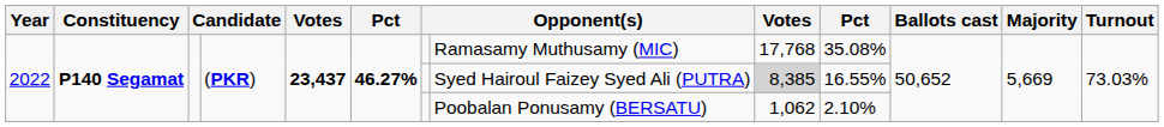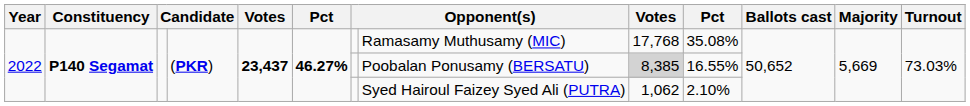 <table class="wikitable" style="margin:0.5em ; font-size:95%">
 <tr>
 <th>Year</th>
 <th>Constituency</th>
 <th colspan=2>Candidate</th>
 <th>Votes</th>
 <th>Pct</th>
 <th colspan=2>Opponent(s)</th>
 <th>Votes</th>
 <th>Pct</th>
 <th>Ballots cast</th>
 <th>Majority</th>
 <th>Turnout</th>
 </tr>
 <tr>
 <td rowspan="3"><a href='#'>2022</a></td>
 <td rowspan="3"><strong>P140 <a href='#'>Segamat</a></strong></td>
 <td rowspan="3" ></td>
 <td rowspan="3"> (<a href='#'><strong>PKR</strong></a>)</td>
 <td rowspan="3" align="right"><strong>23,437</strong></td>
 <td rowspan="3"><strong>46.27%</strong></td>
 <td></td>
 <td>Ramasamy Muthusamy (<a href='#'>MIC</a>)</td>
 <td align="right">17,768</td>
 <td>35.08%</td>
 <td rowspan="3">50,652</td>
 <td rowspan="3">5,669</td>
 <td rowspan="3">73.03%</td>
 </tr>
 <tr>
 <td bgcolor=></td>
-<td>Syed Hairoul Faizey Syed Ali (<a href='#'>PUTRA</a>)</td>
+<td>Poobalan Ponusamy	(<a href='#'>BERSATU</a>)</td>
 <td align="right" style="background: lightgrey;">8,385</td>
 <td>16.55%</td>
 </tr>
 <tr>
 <td></td>
-<td>Poobalan Ponusamy	(<a href='#'>BERSATU</a>)</td>
+<td>Syed Hairoul Faizey Syed Ali (<a href='#'>PUTRA</a>)</td>
 <td align="right">1,062</td>
 <td>2.10%</td>
 </tr>
 </table>
